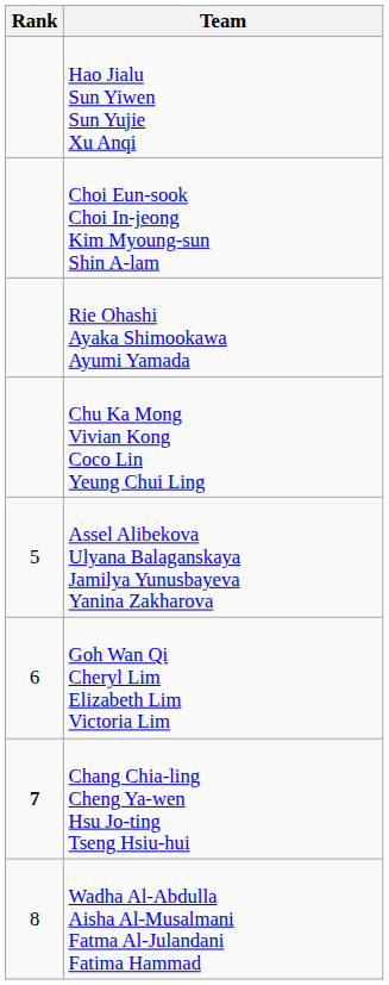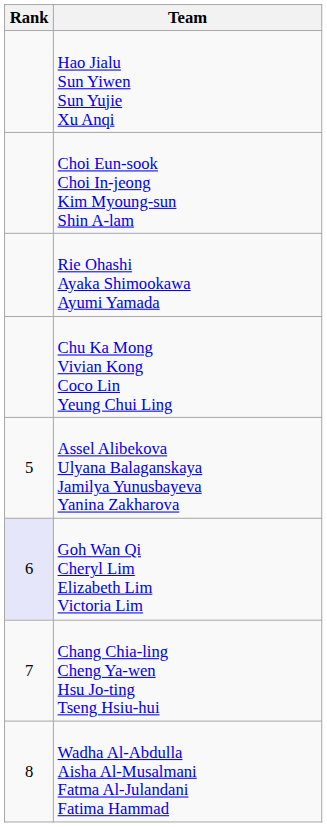 <table class="wikitable" style="text-align: center;">
 <tr>
 <th width=40>Rank</th>
 <th width=250>Team</th>
 </tr>
 <tr>
 <td></td>
 <td align=left><br><a href='#'>Hao Jialu</a><br><a href='#'>Sun Yiwen</a><br><a href='#'>Sun Yujie</a><br><a href='#'>Xu Anqi</a></td>
 </tr>
 <tr>
 <td></td>
 <td align=left><br><a href='#'>Choi Eun-sook</a><br><a href='#'>Choi In-jeong</a><br><a href='#'>Kim Myoung-sun</a><br><a href='#'>Shin A-lam</a></td>
 </tr>
 <tr>
 <td></td>
 <td align=left><br><a href='#'>Rie Ohashi</a><br><a href='#'>Ayaka Shimookawa</a><br><a href='#'>Ayumi Yamada</a></td>
 </tr>
 <tr>
 <td></td>
 <td align=left><br><a href='#'>Chu Ka Mong</a><br><a href='#'>Vivian Kong</a><br><a href='#'>Coco Lin</a><br><a href='#'>Yeung Chui Ling</a></td>
 </tr>
 <tr>
 <td>5</td>
 <td align=left><br><a href='#'>Assel Alibekova</a><br><a href='#'>Ulyana Balaganskaya</a><br><a href='#'>Jamilya Yunusbayeva</a><br><a href='#'>Yanina Zakharova</a></td>
 </tr>
 <tr>
-<td>6</td>
+<td style="background: lavender;">6</td>
 <td align=left><br><a href='#'>Goh Wan Qi</a><br><a href='#'>Cheryl Lim</a><br><a href='#'>Elizabeth Lim</a><br><a href='#'>Victoria Lim</a></td>
 </tr>
 <tr>
-<td><strong>7</strong></td>
+<td>7</td>
 <td align=left><br><a href='#'>Chang Chia-ling</a><br><a href='#'>Cheng Ya-wen</a><br><a href='#'>Hsu Jo-ting</a><br><a href='#'>Tseng Hsiu-hui</a></td>
 </tr>
 <tr>
 <td>8</td>
 <td align=left><br><a href='#'>Wadha Al-Abdulla</a><br><a href='#'>Aisha Al-Musalmani</a><br><a href='#'>Fatma Al-Julandani</a><br><a href='#'>Fatima Hammad</a></td>
 </tr>
 </table>
